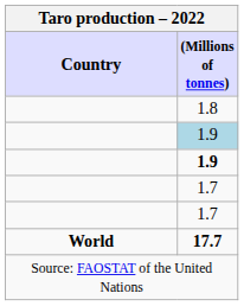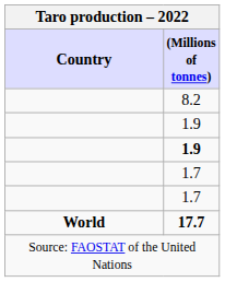 <table class="wikitable" style="float:right; clear:left; width:14em; text-align:center;">
 <tr>
 <th colspan=2>Taro production – 2022</th>
 </tr>
 <tr>
 <th style="background:#ddf; width:75%;">Country</th>
 <th style="background:#ddf; width:25%;"><small>(Millions of <a href='#'>tonnes</a>)</small></th>
 </tr>
 <tr>
 <td></td>
-<td>1.8</td>
+<td>8.2</td>
 </tr>
 <tr>
 <td></td>
-<td style="background: lightblue;">1.9</td>
+<td>1.9</td>
 </tr>
 <tr>
 <td></td>
 <td><strong>1.9</strong></td>
 </tr>
 <tr>
 <td></td>
 <td>1.7</td>
 </tr>
 <tr>
 <td></td>
 <td>1.7</td>
 </tr>
 <tr>
 <td><strong>World</strong></td>
 <td><strong>17.7</strong></td>
 </tr>
 <tr>
 <td colspan=2><small>Source: <a href='#'>FAOSTAT</a> of the United Nations</small></td>
 </tr>
 </table>
